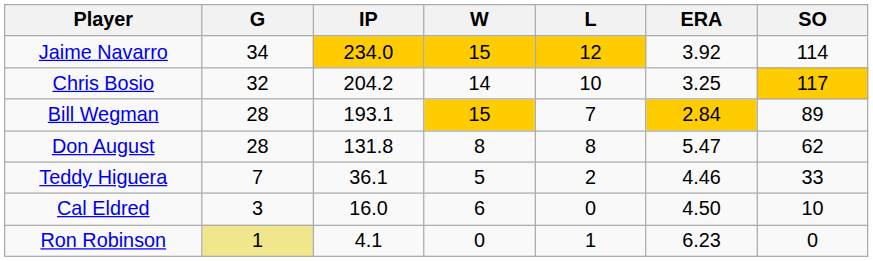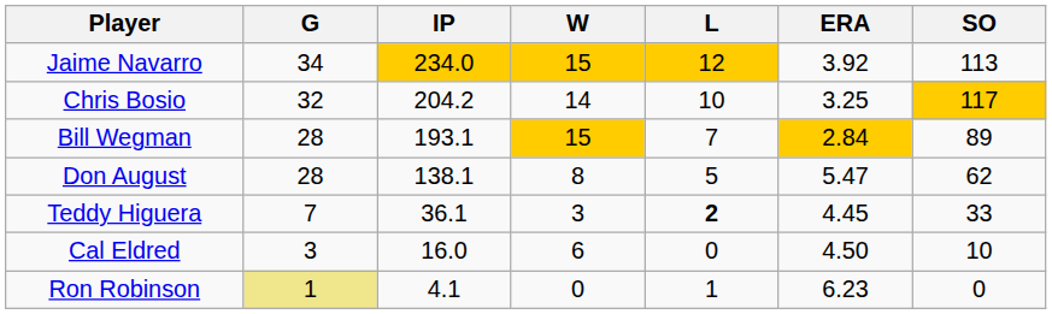 <table class="wikitable sortable">
 <tr>
 <th bgcolor="#DDDDFF" width="16%">Player</th>
 <th bgcolor="#DDDDFF" width="9%">G</th>
 <th bgcolor="#DDDDFF" width="9%">IP</th>
 <th bgcolor="#DDDDFF" width="9%">W</th>
 <th bgcolor="#DDDDFF" width="9%">L</th>
 <th bgcolor="#DDDDFF" width="9%">ERA</th>
 <th bgcolor="#DDDDFF" width="9%">SO</th>
 </tr>
 <tr align="center">
 <td><a href='#'>Jaime Navarro</a></td>
 <td>34</td>
 <td style="background:#fc0;">234.0</td>
 <td style="background:#fc0;">15</td>
 <td style="background:#fc0;">12</td>
 <td>3.92</td>
-<td>114</td>
+<td>113</td>
 </tr>
 <tr align="center">
 <td><a href='#'>Chris Bosio</a></td>
 <td>32</td>
 <td>204.2</td>
 <td>14</td>
 <td>10</td>
 <td>3.25</td>
 <td style="background:#fc0;">117</td>
 </tr>
 <tr align="center">
 <td><a href='#'>Bill Wegman</a></td>
 <td>28</td>
 <td>193.1</td>
 <td style="background:#fc0;">15</td>
 <td>7</td>
 <td style="background:#fc0;">2.84</td>
 <td>89</td>
 </tr>
 <tr align="center">
 <td><a href='#'>Don August</a></td>
 <td>28</td>
-<td>131.8</td>
+<td>138.1</td>
 <td>8</td>
-<td>8</td>
+<td>5</td>
 <td>5.47</td>
 <td>62</td>
 </tr>
 <tr align="center">
 <td><a href='#'>Teddy Higuera</a></td>
 <td>7</td>
 <td>36.1</td>
-<td>5</td>
-<td>2</td>
-<td>4.46</td>
+<td>3</td>
+<td><strong>2</strong></td>
+<td>4.45</td>
 <td>33</td>
 </tr>
 <tr align="center">
 <td><a href='#'>Cal Eldred</a></td>
 <td>3</td>
 <td>16.0</td>
 <td>6</td>
 <td>0</td>
 <td>4.50</td>
 <td>10</td>
 </tr>
 <tr align="center">
 <td><a href='#'>Ron Robinson</a></td>
 <td style="background: khaki;">1</td>
 <td>4.1</td>
 <td>0</td>
 <td>1</td>
 <td>6.23</td>
 <td>0</td>
 </tr>
 </table>
